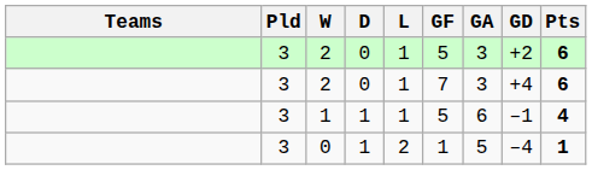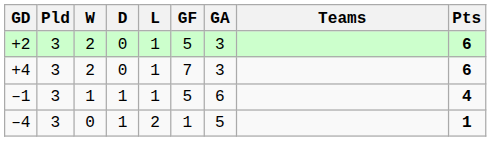 <table class="wikitable" style="text-align: center;">
 <tr>
-<th width=165>Teams</th>
+<th width=20>GD</th>
 <th width=20>Pld</th>
 <th width=20>W</th>
 <th width=20>D</th>
 <th width=20>L</th>
 <th width=20>GF</th>
 <th width=20>GA</th>
-<th width=20>GD</th>
+<th width=165>Teams</th>
 <th width=20>Pts</th>
 </tr>
 <tr align=center style="background:#ccffcc;">
-<td style="text-align:left;"></td>
+<td>+2</td>
 <td>3</td>
 <td>2</td>
 <td>0</td>
 <td>1</td>
 <td>5</td>
 <td>3</td>
-<td>+2</td>
+<td style="text-align:left;"></td>
 <td><strong>6</strong></td>
 </tr>
 <tr align=center>
-<td style="text-align:left;"></td>
+<td>+4</td>
 <td>3</td>
 <td>2</td>
 <td>0</td>
 <td>1</td>
 <td>7</td>
 <td>3</td>
-<td>+4</td>
+<td style="text-align:left;"></td>
 <td><strong>6</strong></td>
 </tr>
 <tr align=center>
-<td style="text-align:left;"></td>
+<td>–1</td>
 <td>3</td>
 <td>1</td>
 <td>1</td>
 <td>1</td>
 <td>5</td>
 <td>6</td>
-<td>–1</td>
+<td style="text-align:left;"></td>
 <td><strong>4</strong></td>
 </tr>
 <tr align=center>
-<td style="text-align:left;"></td>
+<td>–4</td>
 <td>3</td>
 <td>0</td>
 <td>1</td>
 <td>2</td>
 <td>1</td>
 <td>5</td>
-<td>–4</td>
+<td style="text-align:left;"></td>
 <td><strong>1</strong></td>
 </tr>
 </table>
